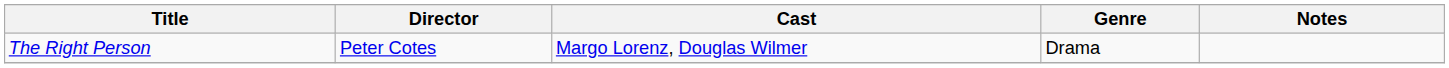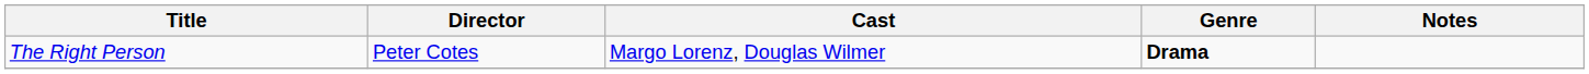 <table class="wikitable" style="width:100%;">
 <tr>
 </tr>
 <tr>
 </tr>
 <tr>
 <th style="width:23%;">Title</th>
 <th style="width:15%;">Director</th>
 <th style="width:34%;">Cast</th>
 <th style="width:11%;">Genre</th>
 <th style="width:17%;">Notes</th>
 </tr>
 <tr>
 <td><em><a href='#'>The Right Person</a></em></td>
 <td><a href='#'>Peter Cotes</a></td>
 <td><a href='#'>Margo Lorenz</a>, <a href='#'>Douglas Wilmer</a></td>
-<td>Drama</td>
+<td><strong>Drama</strong></td>
 <td></td>
 </tr>
 <tr>
 </tr>
 </table>
